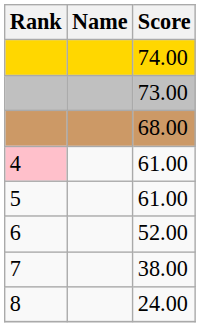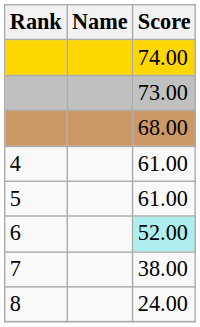 <table class="wikitable">
 <tr>
 <th>Rank</th>
 <th>Name</th>
 <th>Score</th>
 </tr>
 <tr style="background:gold;">
 <td></td>
 <td></td>
 <td>74.00</td>
 </tr>
 <tr style="background:silver;">
 <td></td>
 <td></td>
 <td>73.00</td>
 </tr>
 <tr style="background:#cc9966;">
 <td></td>
 <td></td>
 <td>68.00</td>
 </tr>
 <tr>
-<td style="background: pink;">4</td>
+<td>4</td>
 <td></td>
 <td>61.00</td>
 </tr>
 <tr>
 <td>5</td>
 <td></td>
 <td>61.00</td>
 </tr>
 <tr>
 <td>6</td>
 <td></td>
-<td>52.00</td>
+<td style="background: paleturquoise;">52.00</td>
 </tr>
 <tr>
 <td>7</td>
 <td></td>
 <td>38.00</td>
 </tr>
 <tr>
 <td>8</td>
 <td></td>
 <td>24.00</td>
 </tr>
 <tr>
 </tr>
 </table>
